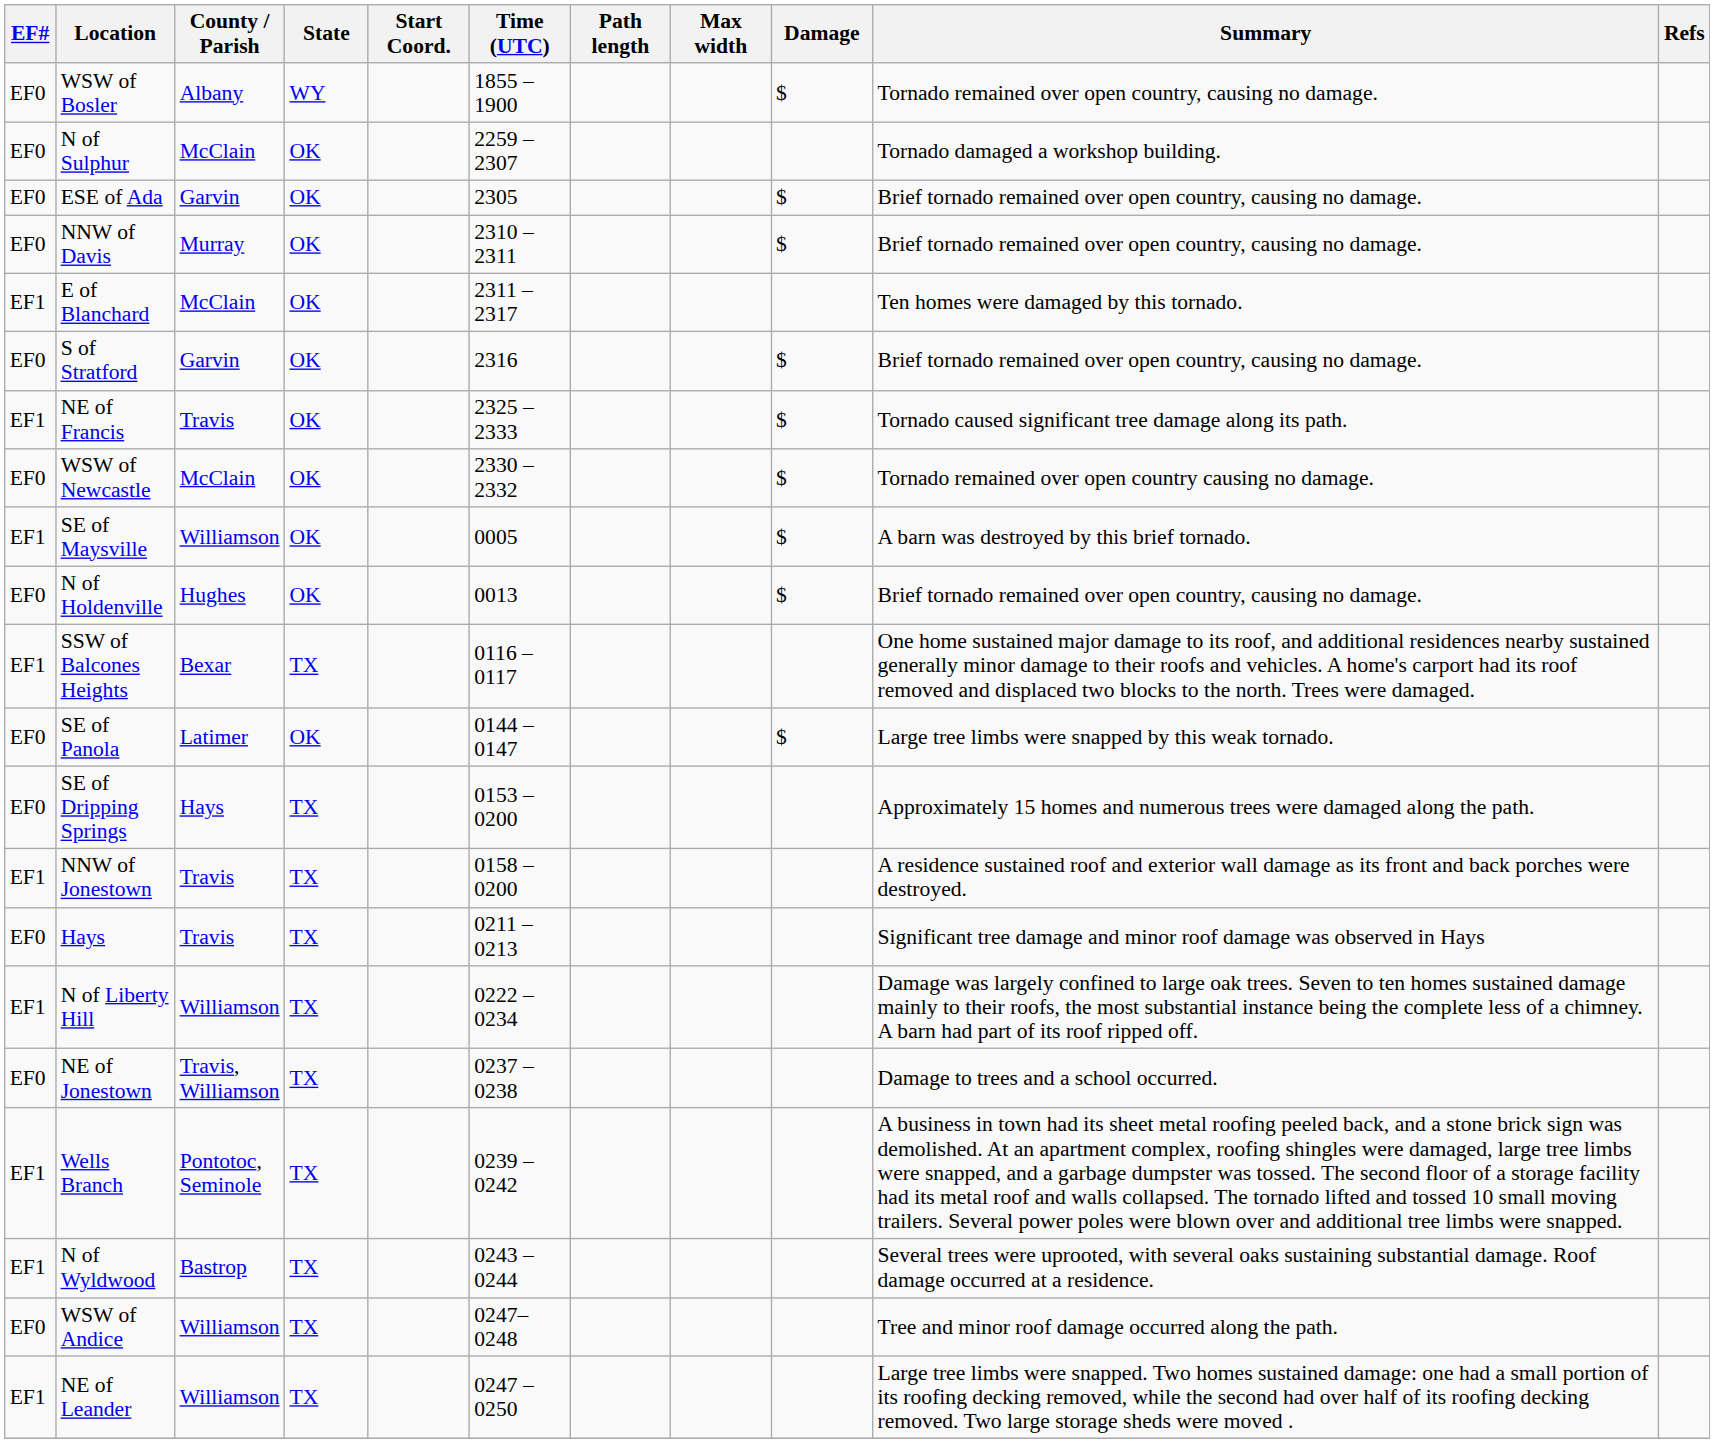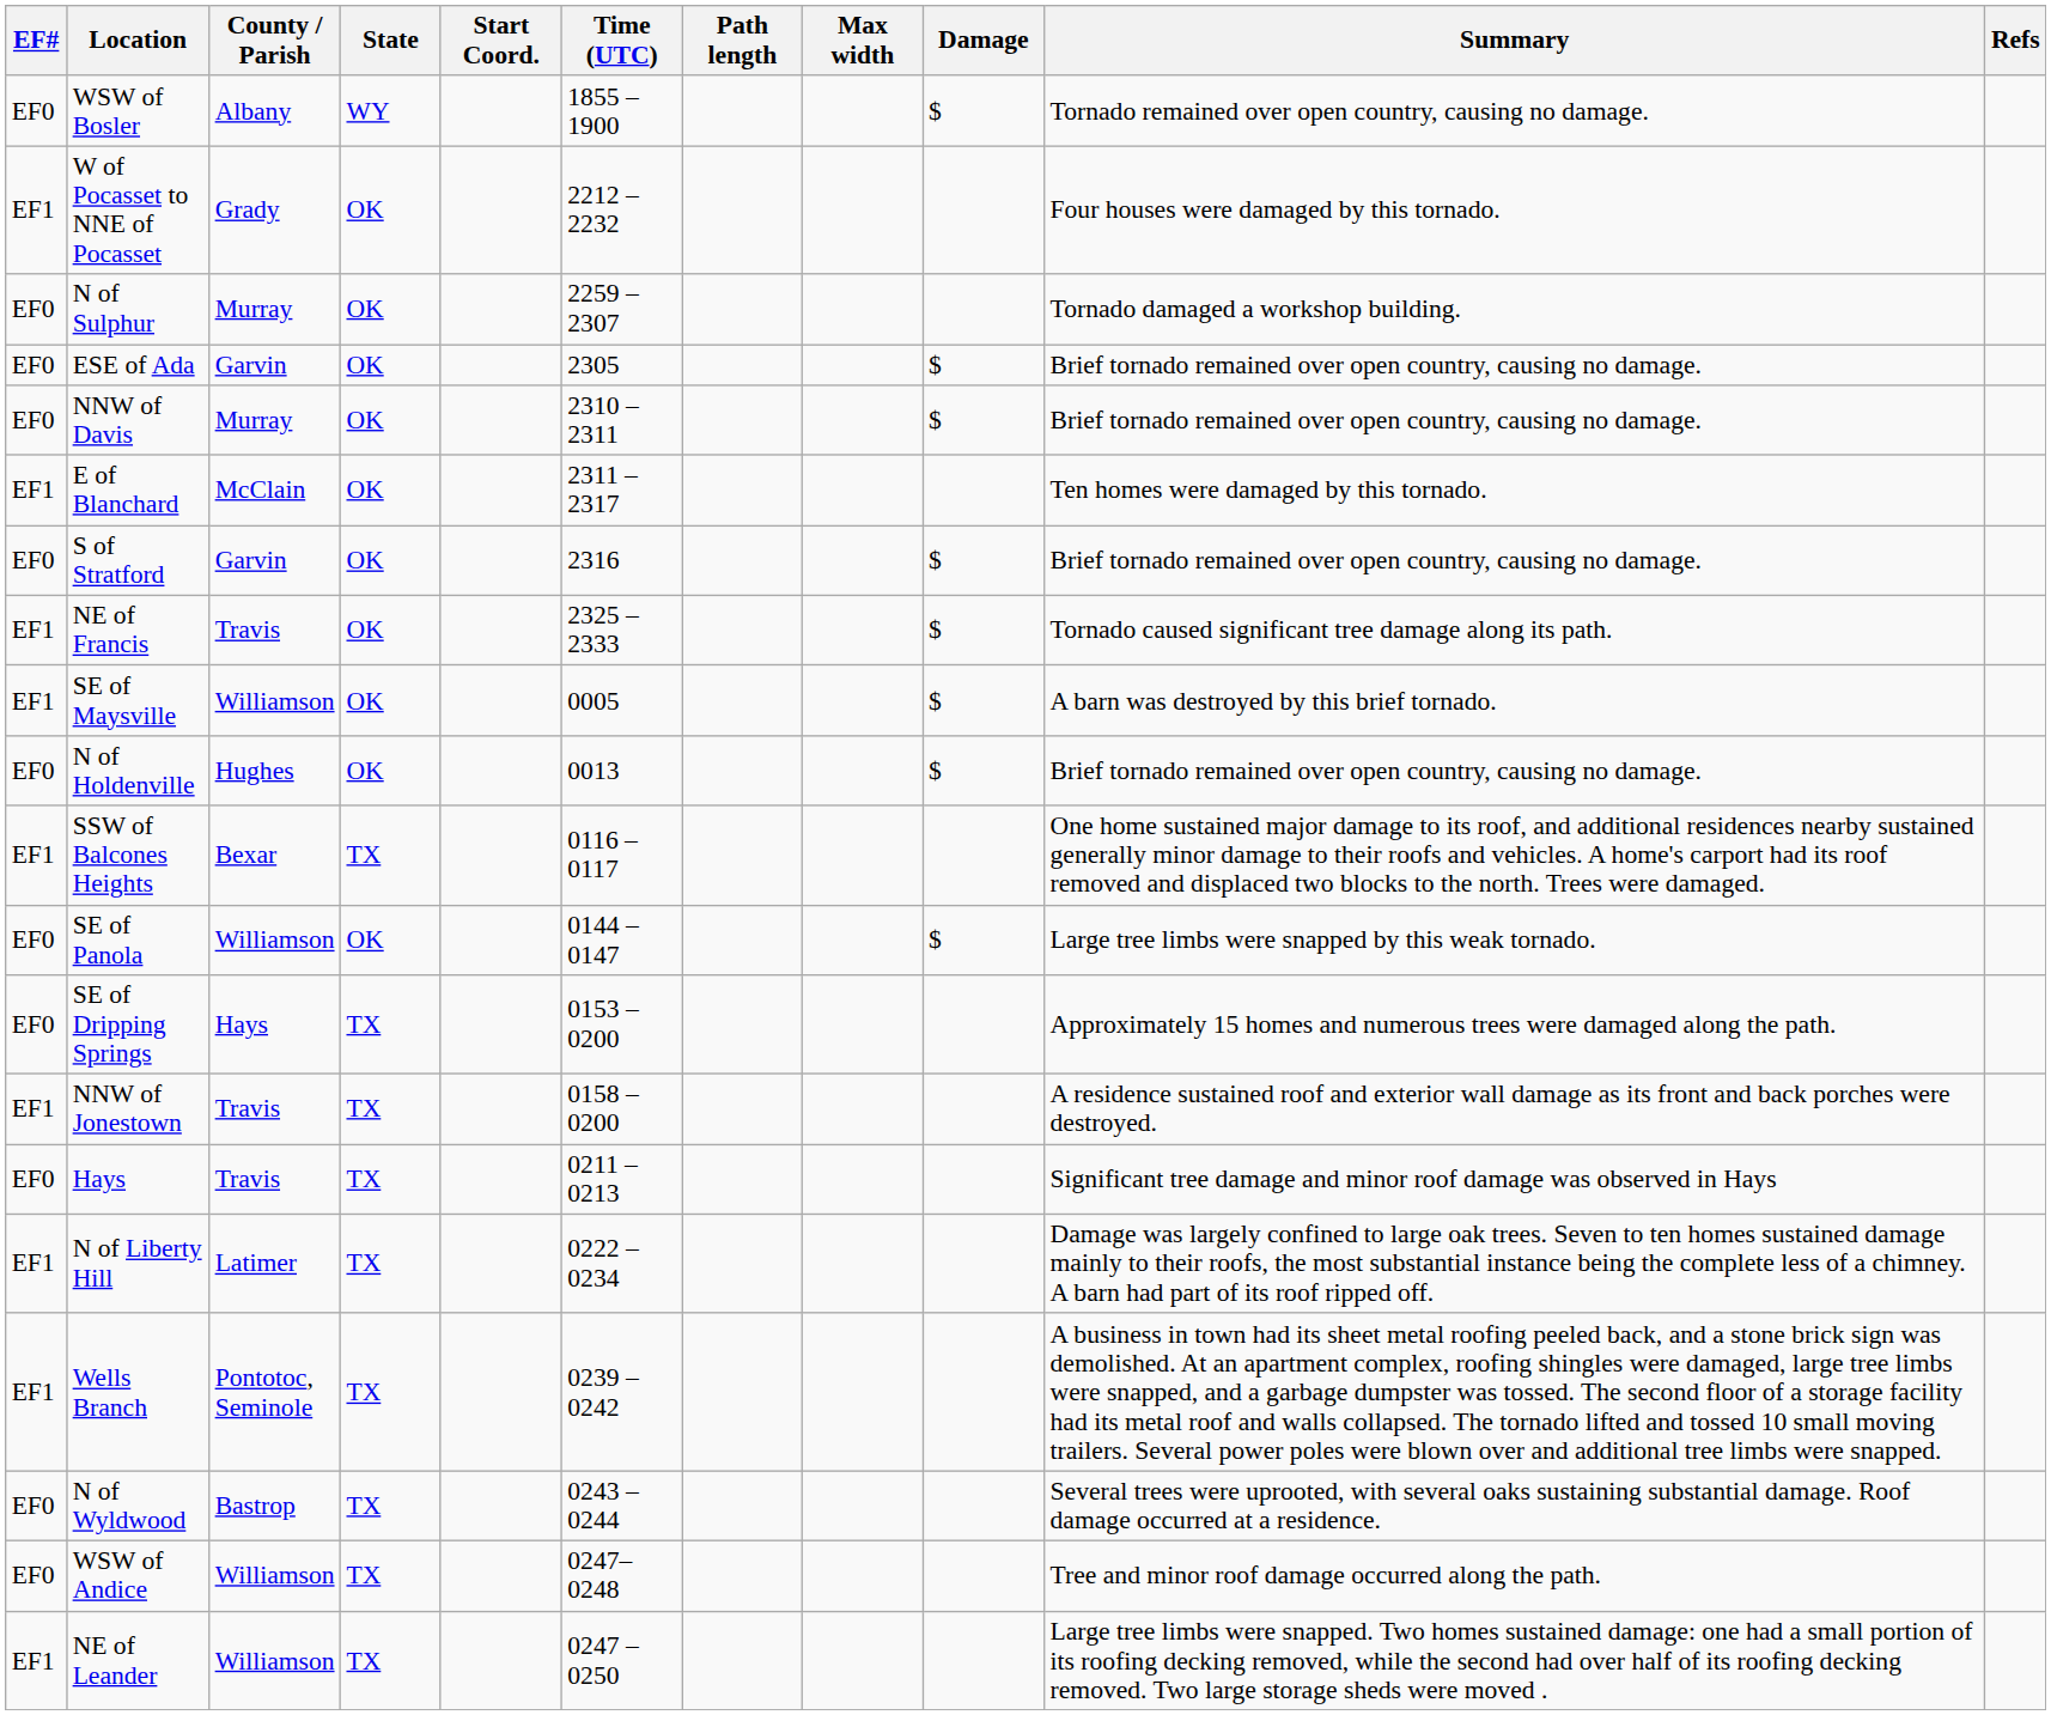 <table class="wikitable sortable" style="width:100%;">
 <tr>
 <th scope="col" width="3%" align="center"><a href='#'>EF#</a></th>
 <th scope="col" width="7%" align="center" class="unsortable">Location</th>
 <th scope="col" width="6%" align="center" class="unsortable">County / Parish</th>
 <th scope="col" width="5%" align="center">State</th>
 <th scope="col" width="6%" align="center">Start Coord.</th>
 <th scope="col" width="6%" align="center">Time (<a href='#'>UTC</a>)</th>
 <th scope="col" width="6%" align="center">Path length</th>
 <th scope="col" width="6%" align="center">Max width</th>
 <th scope="col" width="6%" align="center">Damage</th>
 <th scope="col" width="48%" class="unsortable" align="center">Summary</th>
 <th scope="col" width="48%" class="unsortable" align="center">Refs</th>
 </tr>
 <tr>
 <td>EF0</td>
 <td>WSW of <a href='#'>Bosler</a></td>
 <td><a href='#'>Albany</a></td>
 <td><a href='#'>WY</a></td>
 <td></td>
 <td>1855 – 1900</td>
 <td></td>
 <td></td>
 <td>$</td>
 <td>Tornado remained over open country, causing no damage.</td>
 <td></td>
 </tr>
 <tr>
+<td>EF1</td>
+<td>W of <a href='#'>Pocasset</a> to NNE of <a href='#'>Pocasset</a></td>
+<td><a href='#'>Grady</a></td>
+<td><a href='#'>OK</a></td>
+<td></td>
+<td>2212 – 2232</td>
+<td></td>
+<td></td>
+<td></td>
+<td>Four houses were damaged by this tornado.</td>
+<td></td>
+</tr>
+<tr>
 <td>EF0</td>
 <td>N of <a href='#'>Sulphur</a></td>
-<td><a href='#'>McClain</a></td>
+<td><a href='#'>Murray</a></td>
 <td><a href='#'>OK</a></td>
 <td></td>
 <td>2259 – 2307</td>
 <td></td>
 <td></td>
 <td></td>
 <td>Tornado damaged a workshop building.</td>
 <td></td>
 </tr>
 <tr>
 <td>EF0</td>
 <td>ESE of <a href='#'>Ada</a></td>
 <td><a href='#'>Garvin</a></td>
 <td><a href='#'>OK</a></td>
 <td></td>
 <td>2305</td>
 <td></td>
 <td></td>
 <td>$</td>
 <td>Brief tornado remained over open country, causing no damage.</td>
 <td></td>
 </tr>
 <tr>
 <td>EF0</td>
 <td>NNW of <a href='#'>Davis</a></td>
 <td><a href='#'>Murray</a></td>
 <td><a href='#'>OK</a></td>
 <td></td>
 <td>2310 – 2311</td>
 <td></td>
 <td></td>
 <td>$</td>
 <td>Brief tornado remained over open country, causing no damage.</td>
 <td></td>
 </tr>
 <tr>
 <td>EF1</td>
 <td>E of <a href='#'>Blanchard</a></td>
 <td><a href='#'>McClain</a></td>
 <td><a href='#'>OK</a></td>
 <td></td>
 <td>2311 – 2317</td>
 <td></td>
 <td></td>
 <td></td>
 <td>Ten homes were damaged by this tornado.</td>
 <td></td>
 </tr>
 <tr>
 <td>EF0</td>
 <td>S of <a href='#'>Stratford</a></td>
 <td><a href='#'>Garvin</a></td>
 <td><a href='#'>OK</a></td>
 <td></td>
 <td>2316</td>
 <td></td>
 <td></td>
 <td>$</td>
 <td>Brief tornado remained over open country, causing no damage.</td>
 <td></td>
 </tr>
 <tr>
 <td>EF1</td>
 <td>NE of <a href='#'>Francis</a></td>
 <td><a href='#'>Travis</a></td>
 <td><a href='#'>OK</a></td>
 <td></td>
 <td>2325 – 2333</td>
 <td></td>
 <td></td>
 <td>$</td>
 <td>Tornado caused significant tree damage along its path.</td>
 <td></td>
 </tr>
 <tr>
-<td>EF0</td>
-<td>WSW of <a href='#'>Newcastle</a></td>
-<td><a href='#'>McClain</a></td>
-<td><a href='#'>OK</a></td>
-<td></td>
-<td>2330 – 2332</td>
-<td></td>
-<td></td>
-<td>$</td>
-<td>Tornado remained over open country causing no damage.</td>
-<td></td>
-</tr>
-<tr>
 <td>EF1</td>
 <td>SE of <a href='#'>Maysville</a></td>
 <td><a href='#'>Williamson</a></td>
 <td><a href='#'>OK</a></td>
 <td></td>
 <td>0005</td>
 <td></td>
 <td></td>
 <td>$</td>
 <td>A barn was destroyed by this brief tornado.</td>
 <td></td>
 </tr>
 <tr>
 <td>EF0</td>
 <td>N of <a href='#'>Holdenville</a></td>
 <td><a href='#'>Hughes</a></td>
 <td><a href='#'>OK</a></td>
 <td></td>
 <td>0013</td>
 <td></td>
 <td></td>
 <td>$</td>
 <td>Brief tornado remained over open country, causing no damage.</td>
 <td></td>
 </tr>
 <tr>
 <td>EF1</td>
 <td>SSW of <a href='#'>Balcones Heights</a></td>
 <td><a href='#'>Bexar</a></td>
 <td><a href='#'>TX</a></td>
 <td></td>
 <td>0116 – 0117</td>
 <td></td>
 <td></td>
 <td></td>
 <td>One home sustained major damage to its roof, and additional residences nearby sustained generally minor damage to their roofs and vehicles. A home's carport had its roof removed and displaced two blocks to the north. Trees were damaged.</td>
 <td></td>
 </tr>
 <tr>
 <td>EF0</td>
 <td>SE of <a href='#'>Panola</a></td>
-<td><a href='#'>Latimer</a></td>
+<td><a href='#'>Williamson</a></td>
 <td><a href='#'>OK</a></td>
 <td></td>
 <td>0144 – 0147</td>
 <td></td>
 <td></td>
 <td>$</td>
 <td>Large tree limbs were snapped by this weak tornado.</td>
 <td></td>
 </tr>
 <tr>
 <td>EF0</td>
 <td>SE of <a href='#'>Dripping Springs</a></td>
 <td><a href='#'>Hays</a></td>
 <td><a href='#'>TX</a></td>
 <td></td>
 <td>0153 – 0200</td>
 <td></td>
 <td></td>
 <td></td>
 <td>Approximately 15 homes and numerous trees were damaged along the path.</td>
 <td></td>
 </tr>
 <tr>
 <td>EF1</td>
 <td>NNW of <a href='#'>Jonestown</a></td>
 <td><a href='#'>Travis</a></td>
 <td><a href='#'>TX</a></td>
 <td></td>
 <td>0158 – 0200</td>
 <td></td>
 <td></td>
 <td></td>
 <td>A residence sustained roof and exterior wall damage as its front and back porches were destroyed.</td>
 <td></td>
 </tr>
 <tr>
 <td>EF0</td>
 <td><a href='#'>Hays</a></td>
 <td><a href='#'>Travis</a></td>
 <td><a href='#'>TX</a></td>
 <td></td>
 <td>0211 – 0213</td>
 <td></td>
 <td></td>
 <td></td>
 <td>Significant tree damage and minor roof damage was observed in Hays</td>
 <td></td>
 </tr>
 <tr>
 <td>EF1</td>
 <td>N of <a href='#'>Liberty Hill</a></td>
-<td><a href='#'>Williamson</a></td>
+<td><a href='#'>Latimer</a></td>
 <td><a href='#'>TX</a></td>
 <td></td>
 <td>0222 – 0234</td>
 <td></td>
 <td></td>
 <td></td>
 <td>Damage was largely confined to large oak trees. Seven to ten homes sustained damage mainly to their roofs, the most substantial instance being the complete less of a chimney. A barn had part of its roof ripped off.</td>
-<td></td>
-</tr>
-<tr>
-<td>EF0</td>
-<td>NE of <a href='#'>Jonestown</a></td>
-<td><a href='#'>Travis</a>, <a href='#'>Williamson</a></td>
-<td><a href='#'>TX</a></td>
-<td></td>
-<td>0237 – 0238</td>
-<td></td>
-<td></td>
-<td></td>
-<td>Damage to trees and a school occurred.</td>
 <td></td>
 </tr>
 <tr>
 <td>EF1</td>
 <td><a href='#'>Wells Branch</a></td>
 <td><a href='#'>Pontotoc</a>, <a href='#'>Seminole</a></td>
 <td><a href='#'>TX</a></td>
 <td></td>
 <td>0239 – 0242</td>
 <td></td>
 <td></td>
 <td></td>
 <td>A business in town had its sheet metal roofing peeled back, and a stone brick sign was demolished. At an apartment complex, roofing shingles were damaged, large tree limbs were snapped, and a garbage dumpster was tossed. The second floor of a storage facility had its metal roof and walls collapsed. The tornado lifted and tossed 10 small moving trailers. Several power poles were blown over and additional tree limbs were snapped.</td>
 <td></td>
 </tr>
 <tr>
-<td>EF1</td>
+<td>EF0</td>
 <td>N of <a href='#'>Wyldwood</a></td>
 <td><a href='#'>Bastrop</a></td>
 <td><a href='#'>TX</a></td>
 <td></td>
 <td>0243 – 0244</td>
 <td></td>
 <td></td>
 <td></td>
 <td>Several trees were uprooted, with several oaks sustaining substantial damage. Roof damage occurred at a residence.</td>
 <td></td>
 </tr>
 <tr>
 <td>EF0</td>
 <td>WSW of <a href='#'>Andice</a></td>
 <td><a href='#'>Williamson</a></td>
 <td><a href='#'>TX</a></td>
 <td></td>
 <td>0247–0248</td>
 <td></td>
 <td></td>
 <td></td>
 <td>Tree and minor roof damage occurred along the path.</td>
 <td></td>
 </tr>
 <tr>
 <td>EF1</td>
 <td>NE of <a href='#'>Leander</a></td>
 <td><a href='#'>Williamson</a></td>
 <td><a href='#'>TX</a></td>
 <td></td>
 <td>0247 – 0250</td>
 <td></td>
 <td></td>
 <td></td>
 <td>Large tree limbs were snapped. Two homes sustained damage: one had a small portion of its roofing decking removed, while the second had over half of its roofing decking removed. Two large storage sheds were moved .</td>
 <td></td>
 </tr>
 <tr>
 </tr>
 </table>
